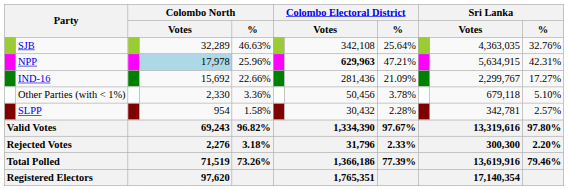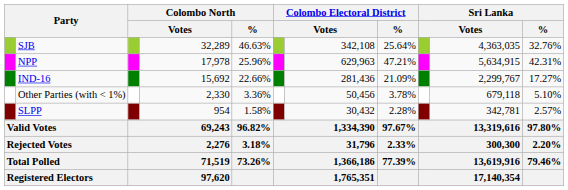 <table class="wikitable">
 <tr>
 <th colspan="2" width="144px"rowspan="2">Party</th>
 <th colspan="3" width="216px">Colombo North</th>
 <th colspan="3" width="216px"><a href='#'>Colombo Electoral District</a></th>
 <th colspan="3" width="216px">Sri Lanka</th>
 </tr>
 <tr>
 <th colspan="2" width="144px">Votes</th>
 <th>%</th>
 <th colspan="2" width="144px">Votes</th>
 <th>%</th>
 <th colspan="2" width="144px">Votes</th>
 <th>%</th>
 </tr>
 <tr>
 <td style="background-color:yellowgreen;" width="10px"></td>
 <td style="text-align:left;"><a href='#'>SJB</a></td>
 <td style="background-color:yellowgreen;" width="10px"></td>
 <td style="text-align:right;">32,289</td>
 <td style="text-align:right;">46.63%</td>
 <td style="background-color:yellowgreen;" width="10px"></td>
 <td style="text-align:right;">342,108</td>
 <td style="text-align:right;">25.64%</td>
 <td style="background-color:yellowgreen;" width="10px"></td>
 <td style="text-align:right;">4,363,035</td>
 <td style="text-align:right;">32.76%</td>
 </tr>
 <tr>
 <td style="background-color:magenta;" width="10px"></td>
 <td style="text-align:left;"><a href='#'>NPP</a></td>
 <td style="background-color:magenta;" width="10px"></td>
-<td style="background: lightblue; text-align:right;">17,978</td>
+<td style="text-align:right;">17,978</td>
 <td style="text-align:right;">25.96%</td>
 <td style="background-color:magenta;" width="10px"></td>
-<td style="text-align:right;"><strong>629,963</strong></td>
+<td style="text-align:right;">629,963</td>
 <td style="text-align:right;">47.21%</td>
 <td style="background-color:magenta;" width="10px"></td>
 <td style="text-align:right;">5,634,915</td>
 <td style="text-align:right;">42.31%</td>
 </tr>
 <tr>
 <td style="background-color:green;" width="10px"></td>
 <td style="text-align:left;"><a href='#'>IND-16</a></td>
 <td style="background-color:green;" width="10px"></td>
 <td style="text-align:right;">15,692</td>
 <td style="text-align:right;">22.66%</td>
 <td style="background-color:green;" width="10px"></td>
 <td style="text-align:right;">281,436</td>
 <td style="text-align:right;">21.09%</td>
 <td style="background-color:green;" width="10px"></td>
 <td style="text-align:right;">2,299,767</td>
 <td style="text-align:right;">17.27%</td>
 </tr>
 <tr>
 <td style="background-color:white;" width="10px"></td>
 <td style="text-align:left;">Other Parties (with < 1%)</td>
 <td style="background-color:white;" width="10px"></td>
 <td style="text-align:right;">2,330</td>
 <td style="text-align:right;">3.36%</td>
 <td style="background-color:white;" width="10px"></td>
 <td style="text-align:right;">50,456</td>
 <td style="text-align:right;">3.78%</td>
 <td style="background-color:white;" width="10px"></td>
 <td style="text-align:right;">679,118</td>
 <td style="text-align:right;">5.10%</td>
 </tr>
 <tr>
 <td style="background-color:maroon;" width="10px"></td>
 <td style="text-align:left;"><a href='#'>SLPP</a></td>
 <td style="background-color:maroon;" width="10px"></td>
 <td style="text-align:right;">954</td>
 <td style="text-align:right;">1.58%</td>
 <td style="background-color:maroon;" width="10px"></td>
 <td style="text-align:right;">30,432</td>
 <td style="text-align:right;">2.28%</td>
 <td style="background-color:maroon;" width="10px"></td>
 <td style="text-align:right;">342,781</td>
 <td style="text-align:right;">2.57%</td>
 </tr>
 <tr>
 <th colspan="2" width="144px"style="text-align:left;">Valid Votes</th>
 <th style="text-align:right;"colspan="2" width="144px">69,243</th>
 <th style="text-align:right;">96.82%</th>
 <th style="text-align:right;"colspan="2" width="144px">1,334,390</th>
 <th style="text-align:right;">97.67%</th>
 <th style="text-align:right;"colspan="2" width="144px">13,319,616</th>
 <th style="text-align:right;">97.80%</th>
 </tr>
 <tr>
 <th colspan="2" width="144px"style="text-align:left;">Rejected Votes</th>
 <th style="text-align:right;"colspan="2" width="144px">2,276</th>
 <th style="text-align:right;">3.18%</th>
 <th style="text-align:right;"colspan="2" width="144px">31,796</th>
 <th style="text-align:right;">2.33%</th>
 <th style="text-align:right;"colspan="2" width="144px">300,300</th>
 <th style="text-align:right;">2.20%</th>
 </tr>
 <tr>
 <th colspan="2" width="144px"style="text-align:left;">Total Polled</th>
 <th style="text-align:right;"colspan="2" width="144px">71,519</th>
 <th style="text-align:right;">73.26%</th>
 <th style="text-align:right;"colspan="2" width="144px">1,366,186</th>
 <th style="text-align:right;">77.39%</th>
 <th style="text-align:right;"colspan="2" width="144px">13,619,916</th>
 <th style="text-align:right;">79.46%</th>
 </tr>
 <tr>
 <th colspan="2" width="144px"style="text-align:left;">Registered Electors</th>
 <th style="text-align:right;"colspan="2" width="144px">97,620</th>
 <th></th>
 <th style="text-align:right;"colspan="2" width="144px">1,765,351</th>
 <th></th>
 <th style="text-align:right;"colspan="2" width="144px">17,140,354</th>
 <th></th>
 </tr>
 </table>
